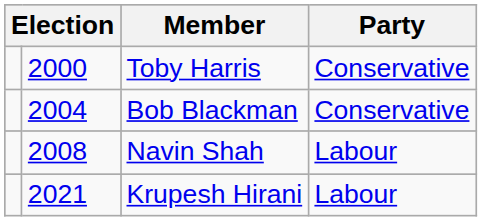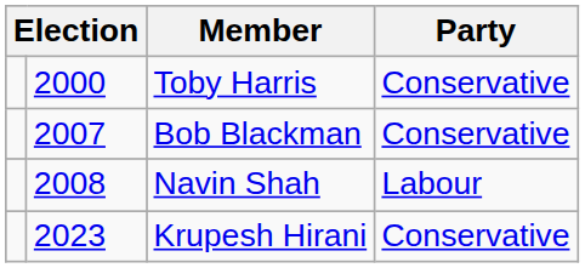 <table class="wikitable">
 <tr>
 <th colspan="2">Election</th>
 <th>Member</th>
 <th>Party</th>
 </tr>
 <tr>
 <td style="background-color: "></td>
 <td><a href='#'>2000</a></td>
 <td><a href='#'>Toby Harris</a></td>
 <td><a href='#'>Conservative</a></td>
 </tr>
 <tr>
 <td style="background-color: "></td>
-<td><a href='#'>2004</a></td>
+<td><a href='#'>2007</a></td>
 <td><a href='#'>Bob Blackman</a></td>
 <td><a href='#'>Conservative</a></td>
 </tr>
 <tr>
 <td style="background-color: "></td>
 <td><a href='#'>2008</a></td>
 <td><a href='#'>Navin Shah</a></td>
 <td><a href='#'>Labour</a></td>
 </tr>
 <tr>
 <td style="background-color: "></td>
-<td><a href='#'>2021</a></td>
+<td><a href='#'>2023</a></td>
 <td><a href='#'>Krupesh Hirani</a></td>
-<td><a href='#'>Labour</a></td>
+<td><a href='#'>Conservative</a></td>
 </tr>
 </table>
